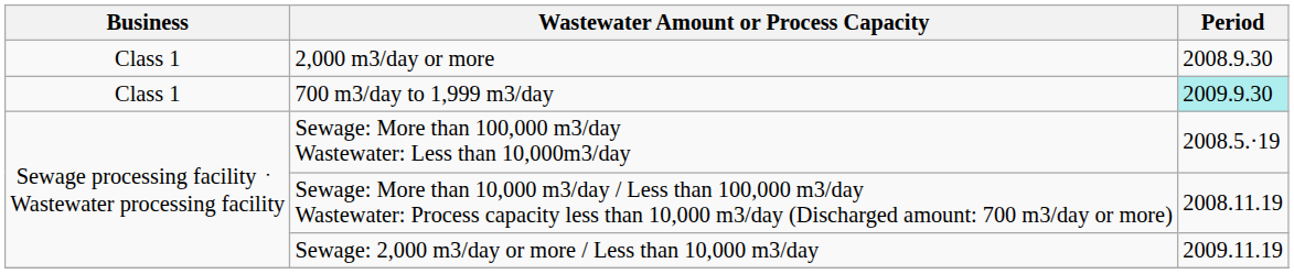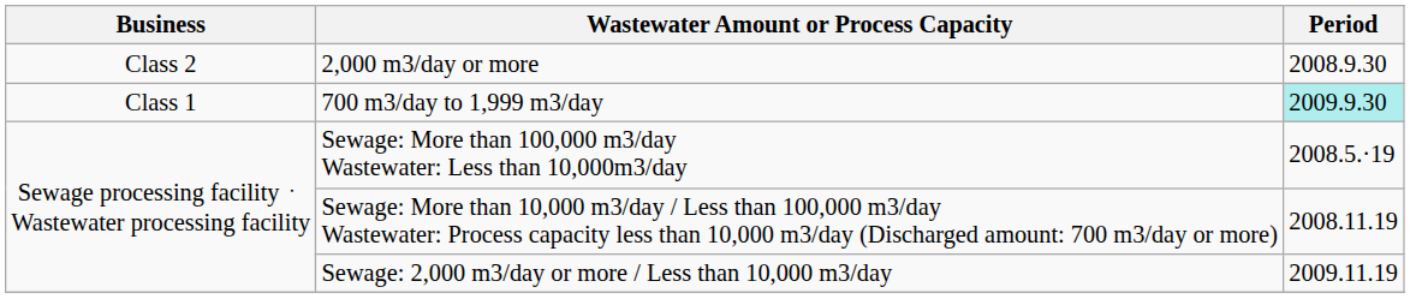 <table class="wikitable" align="center">
 <tr>
 <th>Business</th>
 <th>Wastewater Amount or Process Capacity</th>
 <th>Period</th>
 </tr>
 <tr>
-<td align="center">Class 1</td>
+<td align="center">Class 2</td>
 <td>2,000 m3/day or more</td>
 <td>2008.9.30</td>
 </tr>
 <tr>
 <td align="center">Class 1</td>
 <td>700 m3/day to 1,999 m3/day</td>
 <td style="background: paleturquoise;">2009.9.30</td>
 </tr>
 <tr>
 <td rowspan="3" valign="center" align="center">Sewage processing facilityㆍ<br>Wastewater processing facility</td>
 <td>Sewage: More than 100,000 m3/day<br>Wastewater: Less than 10,000m3/day</td>
 <td>2008.5.·19</td>
 </tr>
 <tr>
 <td>Sewage: More than 10,000 m3/day / Less than 100,000 m3/day<br>Wastewater: Process capacity less than 10,000 m3/day (Discharged amount: 700 m3/day or more)</td>
 <td>2008.11.19</td>
 </tr>
 <tr>
 <td>Sewage: 2,000 m3/day or more / Less than 10,000 m3/day</td>
 <td>2009.11.19</td>
 </tr>
 <tr>
 </tr>
 </table>
